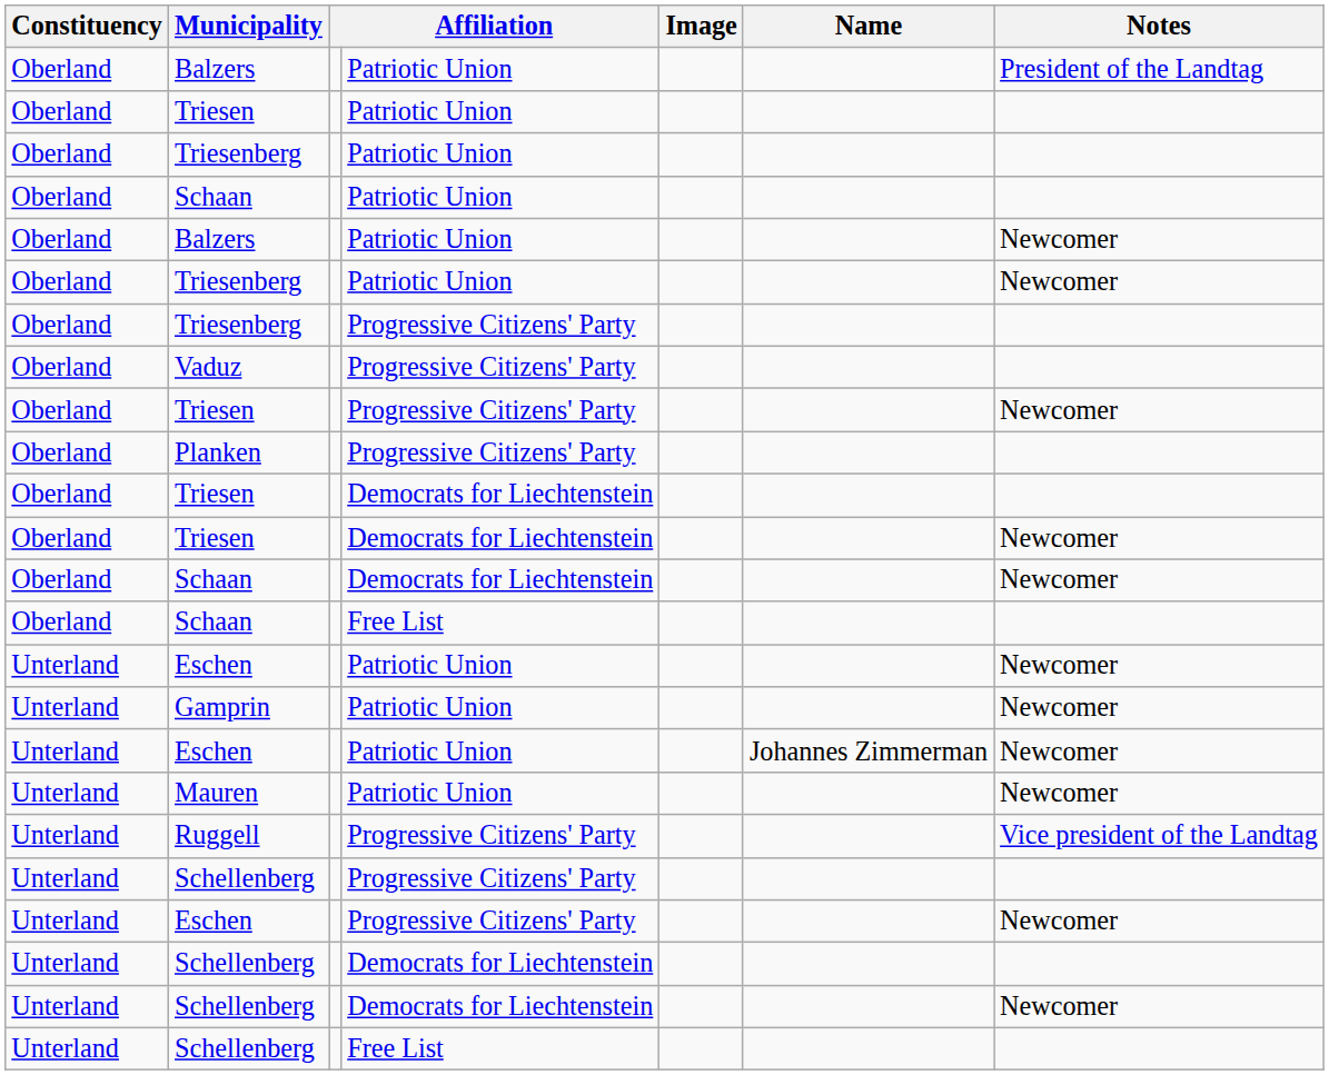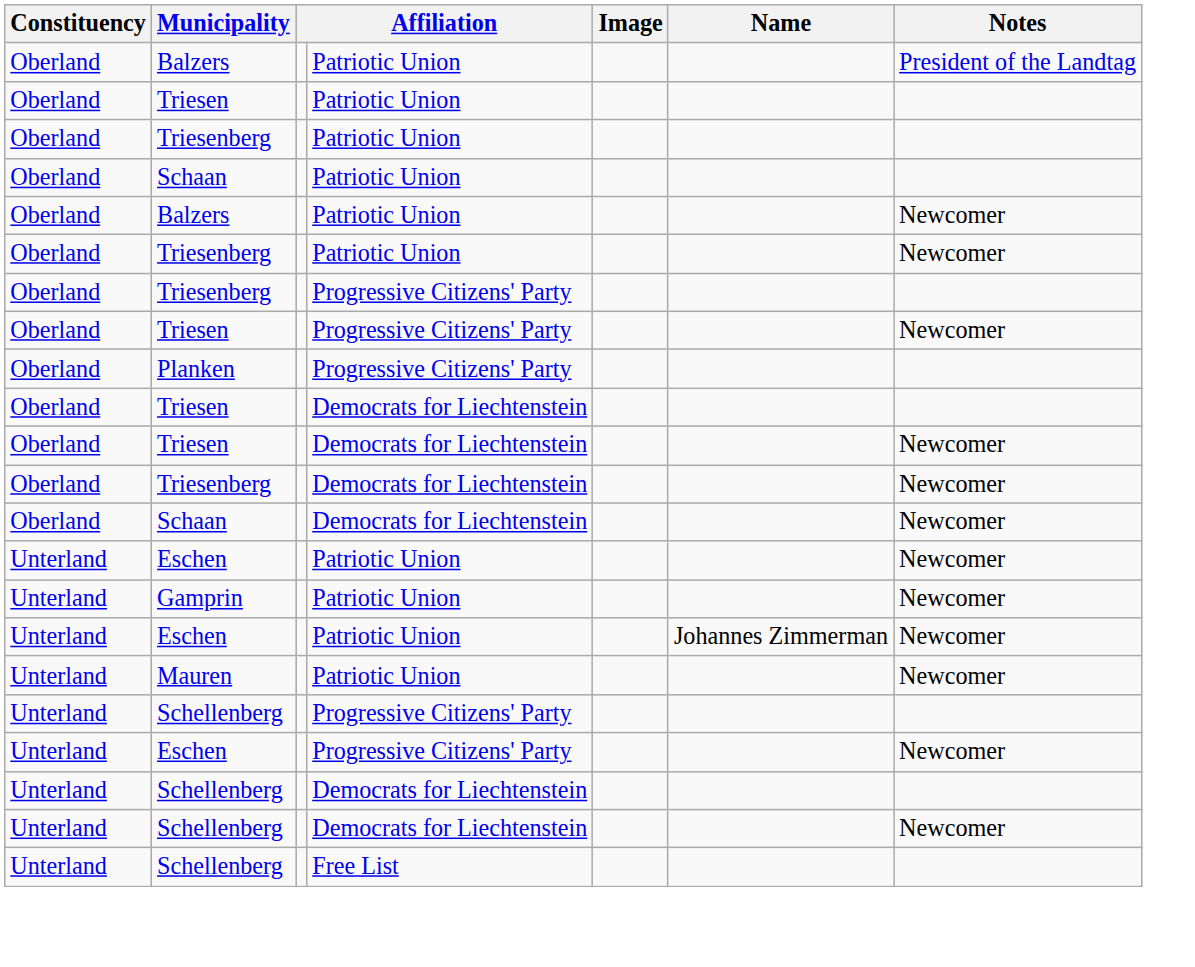 <table class="wikitable sortable" id="elected-mps">
 <tr>
 <th>Constituency</th>
 <th><a href='#'>Municipality</a></th>
 <th colspan="2"><a href='#'>Affiliation</a></th>
 <th class=unsortable>Image</th>
 <th>Name</th>
 <th class=unsortable>Notes</th>
 </tr>
 <tr>
 <td><a href='#'>Oberland</a></td>
 <td><a href='#'>Balzers</a></td>
 <td style="background-color: "></td>
 <td><a href='#'>Patriotic Union</a></td>
 <td></td>
 <td></td>
 <td><a href='#'>President of the Landtag</a></td>
 </tr>
 <tr>
 <td><a href='#'>Oberland</a></td>
 <td><a href='#'>Triesen</a></td>
 <td style="background-color: "></td>
 <td><a href='#'>Patriotic Union</a></td>
 <td></td>
 <td></td>
 <td></td>
 </tr>
 <tr>
 <td><a href='#'>Oberland</a></td>
 <td><a href='#'>Triesenberg</a></td>
 <td style="background-color: "></td>
 <td><a href='#'>Patriotic Union</a></td>
 <td></td>
 <td></td>
 <td></td>
 </tr>
 <tr>
 <td><a href='#'>Oberland</a></td>
 <td><a href='#'>Schaan</a></td>
 <td style="background-color: "></td>
 <td><a href='#'>Patriotic Union</a></td>
 <td></td>
 <td></td>
 <td></td>
 </tr>
 <tr>
 <td><a href='#'>Oberland</a></td>
 <td><a href='#'>Balzers</a></td>
 <td style="background-color: "></td>
 <td><a href='#'>Patriotic Union</a></td>
 <td></td>
 <td></td>
 <td>Newcomer</td>
 </tr>
 <tr>
 <td><a href='#'>Oberland</a></td>
 <td><a href='#'>Triesenberg</a></td>
 <td style="background-color: "></td>
 <td><a href='#'>Patriotic Union</a></td>
 <td></td>
 <td></td>
 <td>Newcomer</td>
 </tr>
 <tr>
 <td><a href='#'>Oberland</a></td>
 <td><a href='#'>Triesenberg</a></td>
 <td style="background-color: "></td>
 <td><a href='#'>Progressive Citizens' Party</a></td>
 <td></td>
 <td></td>
 <td></td>
 </tr>
 <tr>
 <td><a href='#'>Oberland</a></td>
-<td><a href='#'>Vaduz</a></td>
-<td style="background-color: "></td>
-<td><a href='#'>Progressive Citizens' Party</a></td>
-<td></td>
-<td></td>
-<td></td>
-</tr>
-<tr>
-<td><a href='#'>Oberland</a></td>
 <td><a href='#'>Triesen</a></td>
 <td style="background-color: "></td>
 <td><a href='#'>Progressive Citizens' Party</a></td>
 <td></td>
 <td></td>
 <td>Newcomer</td>
 </tr>
 <tr>
 <td><a href='#'>Oberland</a></td>
 <td><a href='#'>Planken</a></td>
 <td style="background-color: "></td>
 <td><a href='#'>Progressive Citizens' Party</a></td>
 <td></td>
 <td></td>
 <td></td>
 </tr>
 <tr>
 <td><a href='#'>Oberland</a></td>
 <td><a href='#'>Triesen</a></td>
 <td style="background-color: "></td>
 <td><a href='#'>Democrats for Liechtenstein</a></td>
 <td></td>
 <td></td>
 <td></td>
 </tr>
 <tr>
 <td><a href='#'>Oberland</a></td>
 <td><a href='#'>Triesen</a></td>
 <td style="background-color: "></td>
 <td><a href='#'>Democrats for Liechtenstein</a></td>
 <td></td>
 <td></td>
 <td>Newcomer</td>
 </tr>
 <tr>
 <td><a href='#'>Oberland</a></td>
-<td><a href='#'>Schaan</a></td>
+<td><a href='#'>Triesenberg</a></td>
 <td style="background-color: "></td>
 <td><a href='#'>Democrats for Liechtenstein</a></td>
 <td></td>
 <td></td>
 <td>Newcomer</td>
 </tr>
 <tr>
 <td><a href='#'>Oberland</a></td>
 <td><a href='#'>Schaan</a></td>
 <td style="background-color: "></td>
-<td><a href='#'>Free List</a></td>
+<td><a href='#'>Democrats for Liechtenstein</a></td>
 <td></td>
 <td></td>
-<td></td>
+<td>Newcomer</td>
 </tr>
 <tr>
 <td><a href='#'>Unterland</a></td>
 <td><a href='#'>Eschen</a></td>
 <td style="background-color: "></td>
 <td><a href='#'>Patriotic Union</a></td>
 <td></td>
 <td></td>
 <td>Newcomer</td>
 </tr>
 <tr>
 <td><a href='#'>Unterland</a></td>
 <td><a href='#'>Gamprin</a></td>
 <td style="background-color: "></td>
 <td><a href='#'>Patriotic Union</a></td>
 <td></td>
 <td></td>
 <td>Newcomer</td>
 </tr>
 <tr>
 <td><a href='#'>Unterland</a></td>
 <td><a href='#'>Eschen</a></td>
 <td style="background-color: "></td>
 <td><a href='#'>Patriotic Union</a></td>
 <td></td>
 <td>Johannes Zimmerman</td>
 <td>Newcomer</td>
 </tr>
 <tr>
 <td><a href='#'>Unterland</a></td>
 <td><a href='#'>Mauren</a></td>
 <td style="background-color: "></td>
 <td><a href='#'>Patriotic Union</a></td>
 <td></td>
 <td></td>
 <td>Newcomer</td>
-</tr>
-<tr>
-<td><a href='#'>Unterland</a></td>
-<td><a href='#'>Ruggell</a></td>
-<td style="background-color: "></td>
-<td><a href='#'>Progressive Citizens' Party</a></td>
-<td></td>
-<td></td>
-<td><a href='#'>Vice president of the Landtag</a></td>
 </tr>
 <tr>
 <td><a href='#'>Unterland</a></td>
 <td><a href='#'>Schellenberg</a></td>
 <td style="background-color: "></td>
 <td><a href='#'>Progressive Citizens' Party</a></td>
 <td></td>
 <td></td>
 <td></td>
 </tr>
 <tr>
 <td><a href='#'>Unterland</a></td>
 <td><a href='#'>Eschen</a></td>
 <td style="background-color: "></td>
 <td><a href='#'>Progressive Citizens' Party</a></td>
 <td></td>
 <td></td>
 <td>Newcomer</td>
 </tr>
 <tr>
 <td><a href='#'>Unterland</a></td>
 <td><a href='#'>Schellenberg</a></td>
 <td style="background-color: "></td>
 <td><a href='#'>Democrats for Liechtenstein</a></td>
 <td></td>
 <td></td>
 <td></td>
 </tr>
 <tr>
 <td><a href='#'>Unterland</a></td>
 <td><a href='#'>Schellenberg</a></td>
 <td style="background-color: "></td>
 <td><a href='#'>Democrats for Liechtenstein</a></td>
 <td></td>
 <td></td>
 <td>Newcomer</td>
 </tr>
 <tr>
 <td><a href='#'>Unterland</a></td>
 <td><a href='#'>Schellenberg</a></td>
 <td style="background-color: "></td>
 <td><a href='#'>Free List</a></td>
 <td></td>
 <td></td>
 <td></td>
 </tr>
 </table>
